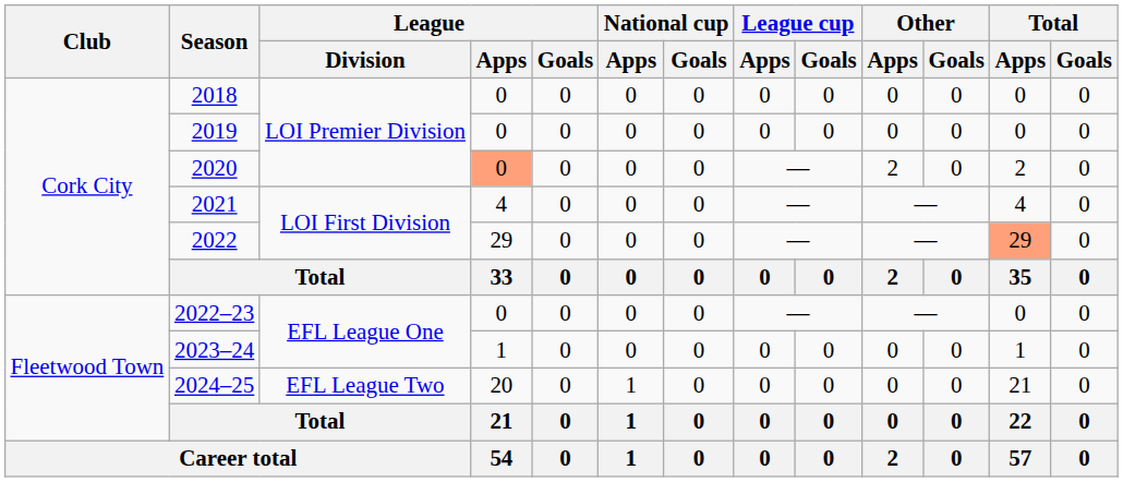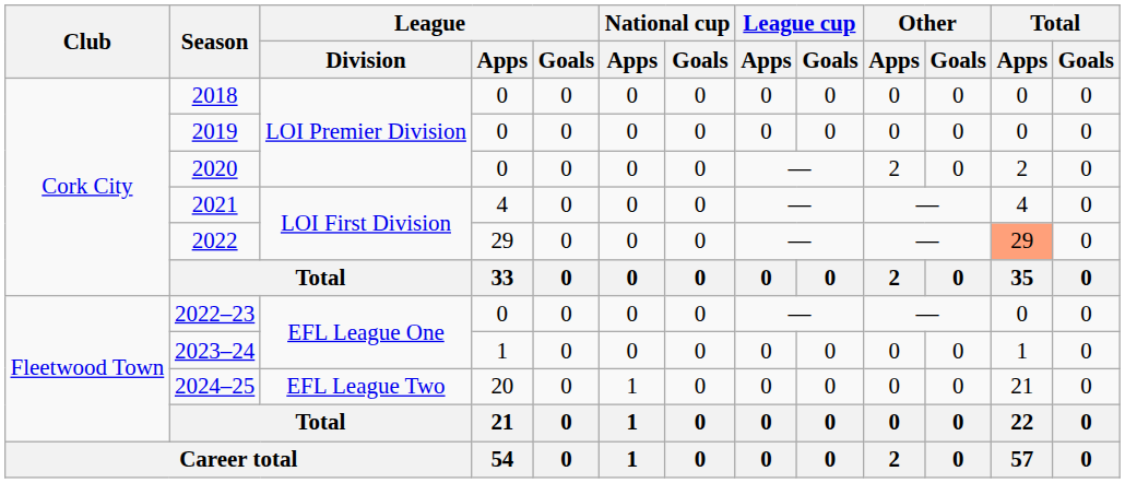 <table class="wikitable" style="text-align:center">
 <tr>
 <th rowspan="2">Club</th>
 <th rowspan="2">Season</th>
 <th colspan="3">League</th>
 <th colspan="2">National cup</th>
 <th colspan="2"><a href='#'>League cup</a></th>
 <th colspan="2">Other</th>
 <th colspan="2">Total</th>
 </tr>
 <tr>
 <th>Division</th>
 <th>Apps</th>
 <th>Goals</th>
 <th>Apps</th>
 <th>Goals</th>
 <th>Apps</th>
 <th>Goals</th>
 <th>Apps</th>
 <th>Goals</th>
 <th>Apps</th>
 <th>Goals</th>
 </tr>
 <tr>
 <td rowspan="6"><a href='#'>Cork City</a></td>
 <td><a href='#'>2018</a></td>
 <td rowspan="3"><a href='#'>LOI Premier Division</a></td>
 <td>0</td>
 <td>0</td>
 <td>0</td>
 <td>0</td>
 <td>0</td>
 <td>0</td>
 <td>0</td>
 <td>0</td>
 <td>0</td>
 <td>0</td>
 </tr>
 <tr>
 <td><a href='#'>2019</a></td>
 <td>0</td>
 <td>0</td>
 <td>0</td>
 <td>0</td>
 <td>0</td>
 <td>0</td>
 <td>0</td>
 <td>0</td>
 <td>0</td>
 <td>0</td>
 </tr>
 <tr>
 <td><a href='#'>2020</a></td>
-<td style="background: lightsalmon;">0</td>
+<td>0</td>
 <td>0</td>
 <td>0</td>
 <td>0</td>
 <td colspan="2">—</td>
 <td>2</td>
 <td>0</td>
 <td>2</td>
 <td>0</td>
 </tr>
 <tr>
 <td><a href='#'>2021</a></td>
 <td rowspan="2"><a href='#'>LOI First Division</a></td>
 <td>4</td>
 <td>0</td>
 <td>0</td>
 <td>0</td>
 <td colspan="2">—</td>
 <td colspan="2">—</td>
 <td>4</td>
 <td>0</td>
 </tr>
 <tr>
 <td><a href='#'>2022</a></td>
 <td>29</td>
 <td>0</td>
 <td>0</td>
 <td>0</td>
 <td colspan="2">—</td>
 <td colspan="2">—</td>
 <td style="background: lightsalmon;">29</td>
 <td>0</td>
 </tr>
 <tr>
 <th colspan="2">Total</th>
 <th>33</th>
 <th>0</th>
 <th>0</th>
 <th>0</th>
 <th>0</th>
 <th>0</th>
 <th>2</th>
 <th>0</th>
 <th>35</th>
 <th>0</th>
 </tr>
 <tr>
 <td rowspan="4"><a href='#'>Fleetwood Town</a></td>
 <td><a href='#'>2022–23</a></td>
 <td rowspan="2"><a href='#'>EFL League One</a></td>
 <td>0</td>
 <td>0</td>
 <td>0</td>
 <td>0</td>
 <td colspan="2">—</td>
 <td colspan="2">—</td>
 <td>0</td>
 <td>0</td>
 </tr>
 <tr>
 <td><a href='#'>2023–24</a></td>
 <td>1</td>
 <td>0</td>
 <td>0</td>
 <td>0</td>
 <td>0</td>
 <td>0</td>
 <td>0</td>
 <td>0</td>
 <td>1</td>
 <td>0</td>
 </tr>
 <tr>
 <td><a href='#'>2024–25</a></td>
 <td><a href='#'>EFL League Two</a></td>
 <td>20</td>
 <td>0</td>
 <td>1</td>
 <td>0</td>
 <td>0</td>
 <td>0</td>
 <td>0</td>
 <td>0</td>
 <td>21</td>
 <td>0</td>
 </tr>
 <tr>
 <th colspan="2">Total</th>
 <th>21</th>
 <th>0</th>
 <th>1</th>
 <th>0</th>
 <th>0</th>
 <th>0</th>
 <th>0</th>
 <th>0</th>
 <th>22</th>
 <th>0</th>
 </tr>
 <tr>
 <th colspan="3">Career total</th>
 <th>54</th>
 <th>0</th>
 <th>1</th>
 <th>0</th>
 <th>0</th>
 <th>0</th>
 <th>2</th>
 <th>0</th>
 <th>57</th>
 <th>0</th>
 </tr>
 </table>
